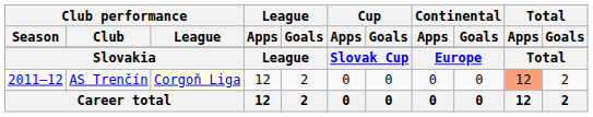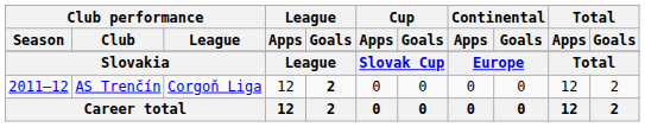 <table class="wikitable" style="text-align:center">
 <tr>
 <th colspan=3>Club performance</th>
 <th colspan=2>League</th>
 <th colspan=2>Cup</th>
 <th colspan=2>Continental</th>
 <th colspan=2>Total</th>
 </tr>
 <tr>
 <th>Season</th>
 <th>Club</th>
 <th>League</th>
 <th>Apps</th>
 <th>Goals</th>
 <th>Apps</th>
 <th>Goals</th>
 <th>Apps</th>
 <th>Goals</th>
 <th>Apps</th>
 <th>Goals</th>
 </tr>
 <tr>
 </tr>
 <tr>
 <th colspan=3>Slovakia</th>
 <th colspan=2>League</th>
 <th colspan=2><a href='#'>Slovak Cup</a></th>
 <th colspan=2><a href='#'>Europe</a></th>
 <th colspan=2>Total</th>
 </tr>
 <tr>
 <td><a href='#'>2011–12</a></td>
 <td rowspan="1"><a href='#'>AS Trenčín</a></td>
-<td rowspan="1" style="background: lightyellow;"><a href='#'>Corgoň Liga</a></td>
+<td rowspan="1"><a href='#'>Corgoň Liga</a></td>
 <td>12</td>
-<td>2</td>
+<td><strong>2</strong></td>
 <td>0</td>
 <td>0</td>
 <td>0</td>
 <td>0</td>
-<td style="background: lightsalmon;">12</td>
+<td>12</td>
 <td>2</td>
 </tr>
 <tr>
 <th colspan=3>Career total</th>
 <th>12</th>
 <th>2</th>
 <th>0</th>
 <th>0</th>
 <th>0</th>
 <th>0</th>
 <th>12</th>
 <th>2</th>
 </tr>
 </table>
